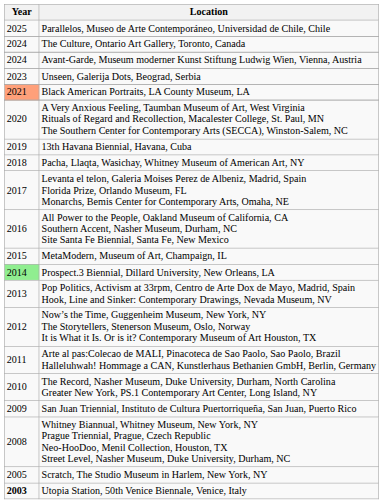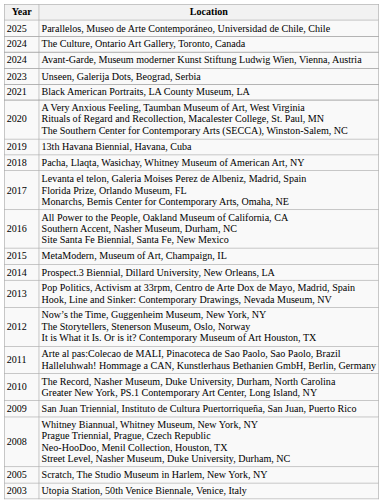 <table class="wikitable">
 <tr>
 <th>Year</th>
 <th>Location</th>
 </tr>
 <tr>
 <td>2025  </td>
 <td>Parallelos, Museo de Arte Contemporáneo, Universidad de Chile, Chile</td>
 </tr>
 <tr>
 </tr>
 <tr>
 <td>2024  </td>
 <td>The Culture, Ontario Art Gallery, Toronto, Canada</td>
 </tr>
 <tr>
 </tr>
 <tr>
 <td>2024</td>
 <td>Avant-Garde, Museum moderner Kunst Stiftung Ludwig Wien, Vienna, Austria</td>
 </tr>
 <tr>
 </tr>
 <tr>
 <td>2023  </td>
 <td>Unseen, Galerija Dots, Beograd, Serbia</td>
 </tr>
 <tr>
 </tr>
 <tr>
-<td style="background: lightsalmon;">2021  </td>
+<td>2021  </td>
 <td>Black American Portraits, LA County Museum, LA</td>
 </tr>
 <tr>
 </tr>
 <tr>
 <td>2020</td>
 <td>A Very Anxious Feeling, Taumban Museum of Art, West Virginia<br>Rituals of Regard and Recollection, Macalester College, St. Paul, MN<br>The Southern Center for Contemporary Arts (SECCA), Winston-Salem, NC</td>
 </tr>
 <tr>
 <td>2019</td>
 <td>13th Havana Biennial, Havana, Cuba</td>
 </tr>
 <tr>
 <td>2018</td>
 <td>Pacha, Llaqta, Wasichay, Whitney Museum of American Art, NY</td>
 </tr>
 <tr>
 <td>2017</td>
 <td>Levanta el telon, Galeria Moises Perez de Albeniz, Madrid, Spain<br>Florida Prize, Orlando Museum, FL<br>Monarchs, Bemis Center for Contemporary Arts, Omaha, NE</td>
 </tr>
 <tr>
 <td>2016</td>
 <td>All Power to the People, Oakland Museum of California, CA<br>Southern Accent, Nasher Museum, Durham, NC<br>Site Santa Fe Biennial, Santa Fe, New Mexico</td>
 </tr>
 <tr>
 <td>2015</td>
 <td>MetaModern, Museum of Art, Champaign, IL</td>
 </tr>
 <tr>
-<td style="background: lightgreen;">2014</td>
+<td>2014</td>
 <td>Prospect.3 Biennial, Dillard University, New Orleans, LA</td>
 </tr>
 <tr>
 <td>2013</td>
 <td>Pop Politics, Activism at 33rpm, Centro de Arte Dox de Mayo, Madrid, Spain<br>Hook, Line and Sinker: Contemporary Drawings, Nevada Museum, NV</td>
 </tr>
 <tr>
 <td>2012</td>
 <td>Now’s the Time, Guggenheim Museum, New York, NY<br>The Storytellers, Stenerson Museum, Oslo, Norway<br>It is What it Is. Or is it? Contemporary Museum of Art Houston, TX</td>
 </tr>
 <tr>
 <td>2011</td>
 <td>Arte al pas:Colecao de MALI, Pinacoteca de Sao Paolo, Sao Paolo, Brazil<br>Halleluhwah! Hommage a CAN, Kunstlerhaus Bethanien GmbH, Berlin, Germany</td>
 </tr>
 <tr>
 <td>2010</td>
 <td>The Record, Nasher Museum, Duke University, Durham, North Carolina<br>Greater New York, PS.1 Contemporary Art Center, Long Island, NY</td>
 </tr>
 <tr>
 <td>2009</td>
 <td>San Juan Triennial, Instituto de Cultura Puertorriqueña, San Juan, Puerto Rico</td>
 </tr>
 <tr>
 <td>2008</td>
 <td>Whitney Biannual, Whitney Museum, New York, NY<br>Prague Triennial, Prague, Czech Republic<br>Neo-HooDoo, Menil Collection, Houston, TX<br>Street Level, Nasher Museum, Duke University, Durham, NC</td>
 </tr>
 <tr>
 <td>2005</td>
 <td>Scratch, The Studio Museum in Harlem, New York, NY</td>
 </tr>
 <tr>
-<td><strong>2003</strong></td>
+<td>2003</td>
 <td>Utopia Station, 50th Venice Biennale, Venice, Italy</td>
 </tr>
 </table>
